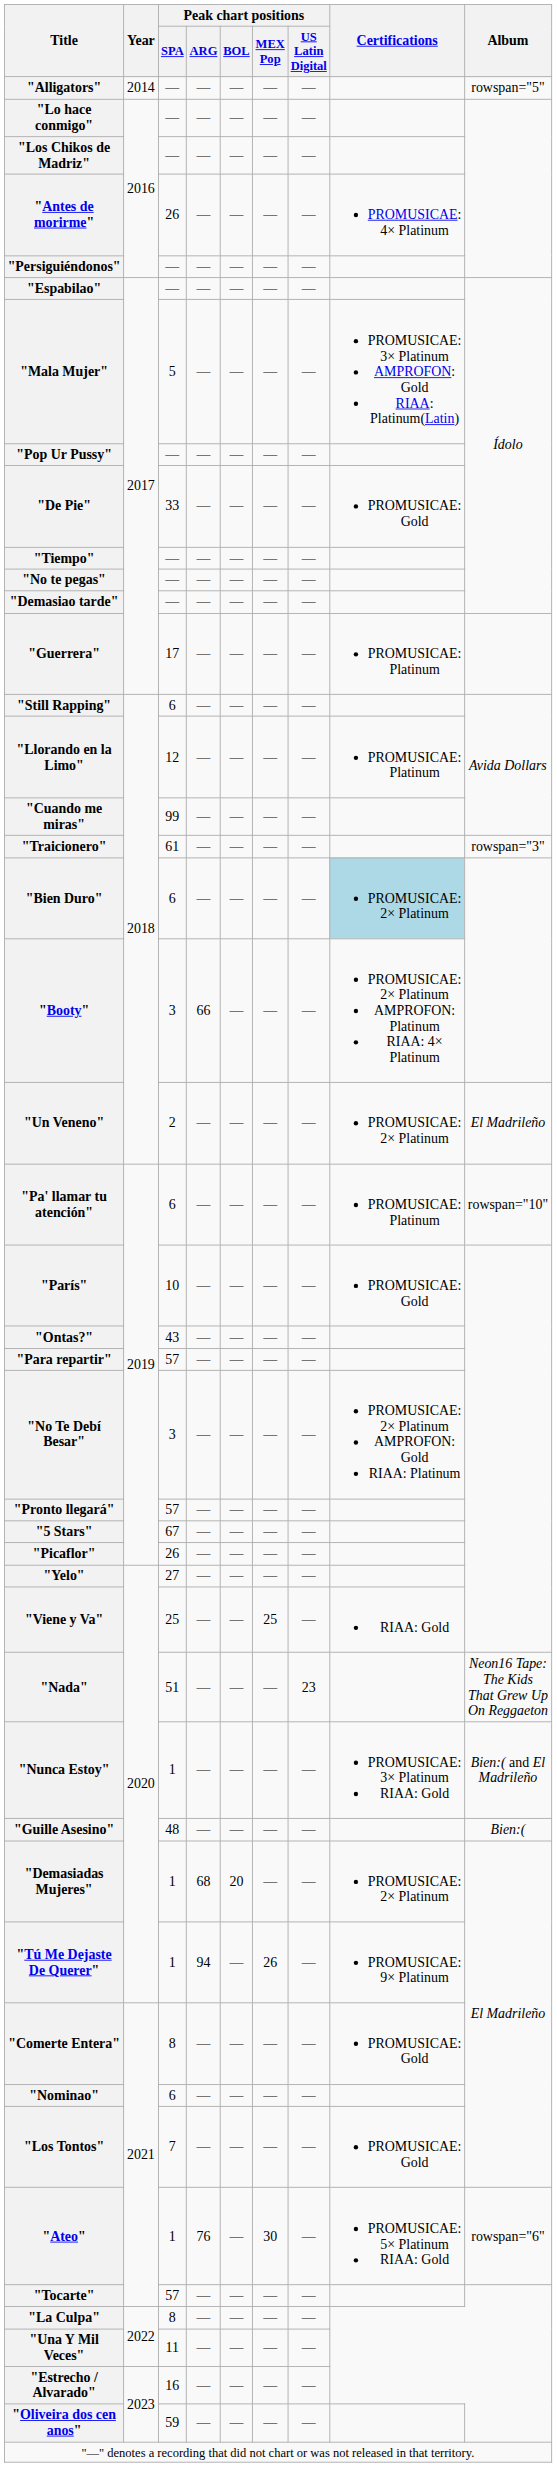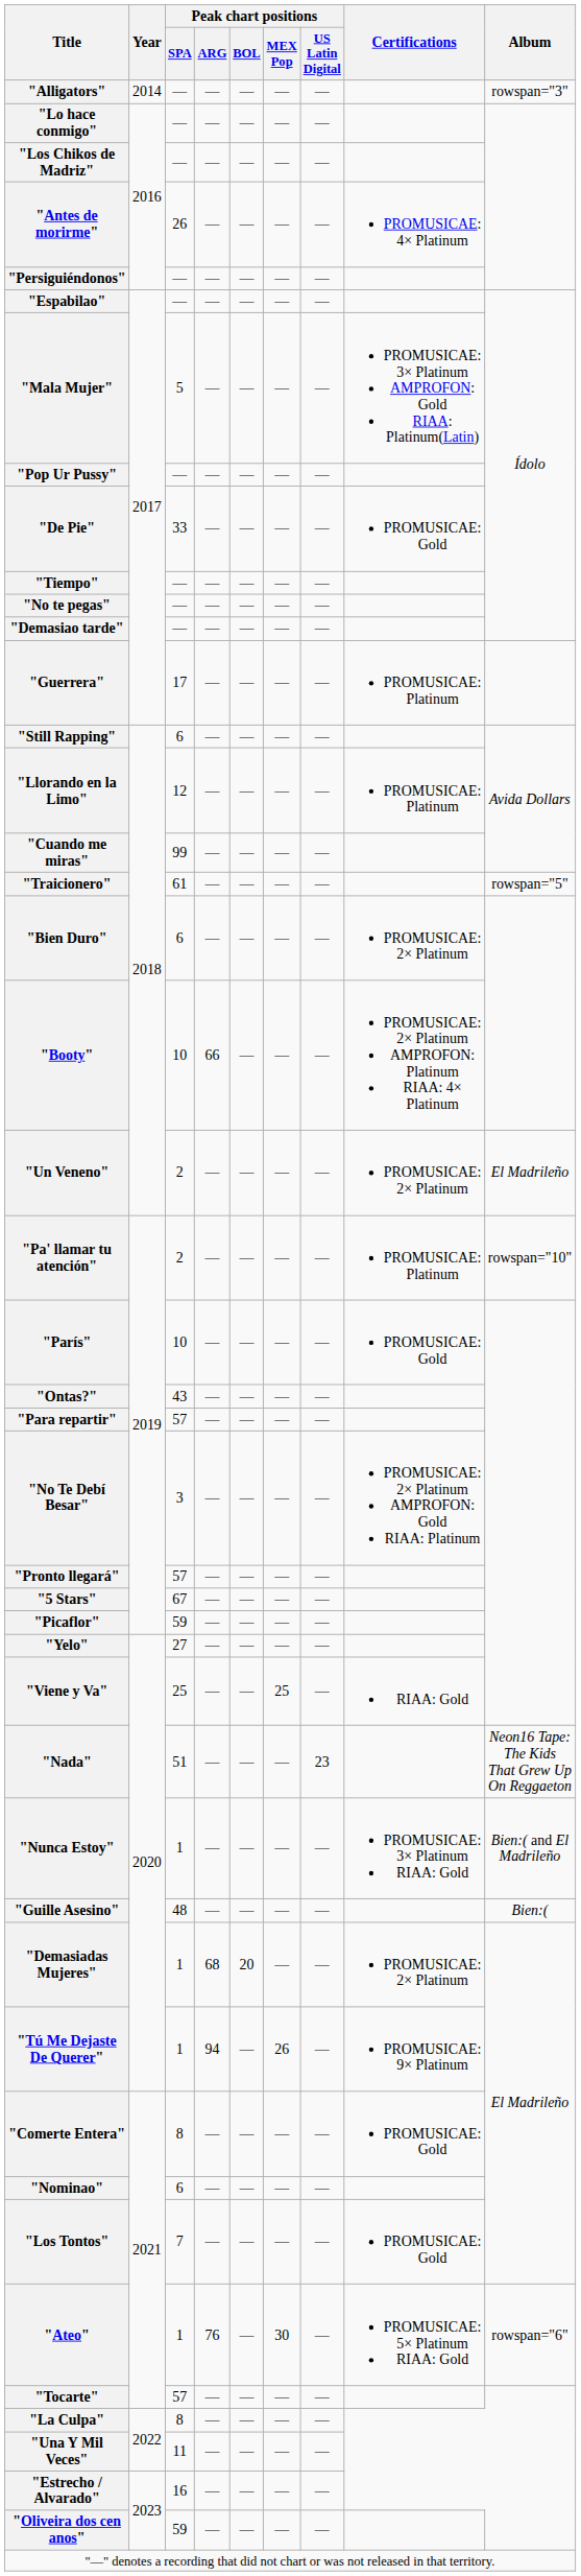 <table class="wikitable plainrowheaders" style="text-align:center;">
 <tr>
 <th scope="col" rowspan="2" style="width:18em;">Title</th>
 <th scope="col" rowspan="2">Year</th>
 <th scope="col" colspan="5">Peak chart positions</th>
 <th scope="col" rowspan="2" style="width:18em;"><a href='#'>Certifications</a></th>
 <th scope="col" rowspan="2">Album</th>
 </tr>
 <tr>
 <th scope="col" style="width:2.8em;font-size:90%;"><a href='#'>SPA</a><br></th>
 <th scope="col" style="width:2.8em;font-size:90%;"><a href='#'>ARG</a><br></th>
 <th scope="col" style="width:2.8em;font-size:90%;"><a href='#'>BOL</a><br></th>
 <th scope="col" style="width:2.8em;font-size:90%;"><a href='#'>MEX<br>Pop</a><br></th>
 <th scope="col" style="width:2.8em;font-size:90%;"><a href='#'>US<br>Latin<br>Digital</a><br></th>
 </tr>
 <tr>
 <th scope="row">"Alligators"</th>
 <td>2014</td>
 <td>—</td>
 <td>—</td>
 <td>—</td>
 <td>—</td>
 <td>—</td>
 <td></td>
-<td>rowspan="5" </td>
+<td>rowspan="3" </td>
 </tr>
 <tr>
 <th scope="row">"Lo hace conmigo"</th>
 <td rowspan="4">2016</td>
 <td>—</td>
 <td>—</td>
 <td>—</td>
 <td>—</td>
 <td>—</td>
 <td></td>
 </tr>
 <tr>
 <th scope="row">"Los Chikos de Madriz"</th>
 <td>—</td>
 <td>—</td>
 <td>—</td>
 <td>—</td>
 <td>—</td>
 <td></td>
 </tr>
 <tr>
 <th scope="row">"<a href='#'>Antes de morirme</a>"<br></th>
 <td>26</td>
 <td>—</td>
 <td>—</td>
 <td>—</td>
 <td>—</td>
 <td><br><ul><li><a href='#'>PROMUSICAE</a>: 4× Platinum</li></ul></td>
 </tr>
 <tr>
 <th scope="row">"Persiguiéndonos"</th>
 <td>—</td>
 <td>—</td>
 <td>—</td>
 <td>—</td>
 <td>—</td>
 <td></td>
 </tr>
 <tr>
 <th scope="row">"Espabilao"</th>
 <td rowspan="8">2017</td>
 <td>—</td>
 <td>—</td>
 <td>—</td>
 <td>—</td>
 <td>—</td>
 <td></td>
 <td rowspan="7"><em>Ídolo</em></td>
 </tr>
 <tr>
 <th scope="row">"Mala Mujer"</th>
 <td>5</td>
 <td>—</td>
 <td>—</td>
 <td>—</td>
 <td>—</td>
 <td><br><ul><li>PROMUSICAE: 3× Platinum</li><li><a href='#'>AMPROFON</a>: Gold</li><li><a href='#'>RIAA</a>: Platinum<span>(<a href='#'>Latin</a>)</span></li></ul></td>
 </tr>
 <tr>
 <th scope="row">"Pop Ur Pussy"</th>
 <td>—</td>
 <td>—</td>
 <td>—</td>
 <td>—</td>
 <td>—</td>
 <td></td>
 </tr>
 <tr>
 <th scope="row">"De Pie"</th>
 <td>33</td>
 <td>—</td>
 <td>—</td>
 <td>—</td>
 <td>—</td>
 <td><br><ul><li>PROMUSICAE: Gold</li></ul></td>
 </tr>
 <tr>
 <th scope="row">"Tiempo"</th>
 <td>—</td>
 <td>—</td>
 <td>—</td>
 <td>—</td>
 <td>—</td>
 <td></td>
 </tr>
 <tr>
 <th scope="row">"No te pegas"<br></th>
 <td>—</td>
 <td>—</td>
 <td>—</td>
 <td>—</td>
 <td>—</td>
 <td></td>
 </tr>
 <tr>
 <th scope="row">"Demasiao tarde"</th>
 <td>—</td>
 <td>—</td>
 <td>—</td>
 <td>—</td>
 <td>—</td>
 <td></td>
 </tr>
 <tr>
 <th scope="row">"Guerrera"<br></th>
 <td>17</td>
 <td>—</td>
 <td>—</td>
 <td>—</td>
 <td>—</td>
 <td><br><ul><li>PROMUSICAE: Platinum</li></ul></td>
 <td></td>
 </tr>
 <tr>
 <th scope="row">"Still Rapping"</th>
 <td rowspan="7">2018</td>
 <td>6</td>
 <td>—</td>
 <td>—</td>
 <td>—</td>
 <td>—</td>
 <td></td>
 <td rowspan="3"><em>Avida Dollars</em></td>
 </tr>
 <tr>
 <th scope="row">"Llorando en la Limo"</th>
 <td>12</td>
 <td>—</td>
 <td>—</td>
 <td>—</td>
 <td>—</td>
 <td><br><ul><li>PROMUSICAE: Platinum</li></ul></td>
 </tr>
 <tr>
 <th scope="row">"Cuando me miras"</th>
 <td>99</td>
 <td>—</td>
 <td>—</td>
 <td>—</td>
 <td>—</td>
 <td></td>
 </tr>
 <tr>
 <th scope="row">"Traicionero"<br></th>
 <td>61</td>
 <td>—</td>
 <td>—</td>
 <td>—</td>
 <td>—</td>
 <td></td>
-<td>rowspan="3" </td>
+<td>rowspan="5" </td>
 </tr>
 <tr>
 <th scope="row">"Bien Duro"</th>
 <td>6</td>
 <td>—</td>
 <td>—</td>
 <td>—</td>
 <td>—</td>
-<td style="background: lightblue;"><br><ul><li>PROMUSICAE: 2× Platinum</li></ul></td>
+<td><br><ul><li>PROMUSICAE: 2× Platinum</li></ul></td>
 </tr>
 <tr>
 <th scope="row">"<a href='#'>Booty</a>"<br></th>
-<td>3</td>
+<td>10</td>
 <td>66</td>
 <td>—</td>
 <td>—</td>
 <td>—</td>
 <td><br><ul><li>PROMUSICAE: 2× Platinum</li><li>AMPROFON: Platinum</li><li>RIAA: 4× Platinum </li></ul></td>
 </tr>
 <tr>
 <th scope="row">"Un Veneno"<br></th>
 <td>2</td>
 <td>—</td>
 <td>—</td>
 <td>—</td>
 <td>—</td>
 <td><br><ul><li>PROMUSICAE: 2× Platinum</li></ul></td>
 <td><em>El Madrileño</em></td>
 </tr>
 <tr>
 <th scope="row">"Pa' llamar tu atención"<br></th>
 <td rowspan="8">2019</td>
-<td>6</td>
+<td>2</td>
 <td>—</td>
 <td>—</td>
 <td>—</td>
 <td>—</td>
 <td><br><ul><li>PROMUSICAE: Platinum</li></ul></td>
 <td>rowspan="10" </td>
 </tr>
 <tr>
 <th scope="row">"París"<br></th>
 <td>10</td>
 <td>—</td>
 <td>—</td>
 <td>—</td>
 <td>—</td>
 <td><br><ul><li>PROMUSICAE: Gold</li></ul></td>
 </tr>
 <tr>
 <th scope="row">"Ontas?"</th>
 <td>43</td>
 <td>—</td>
 <td>—</td>
 <td>—</td>
 <td>—</td>
 <td></td>
 </tr>
 <tr>
 <th scope="row">"Para repartir"<br></th>
 <td>57</td>
 <td>—</td>
 <td>—</td>
 <td>—</td>
 <td>—</td>
 <td></td>
 </tr>
 <tr>
 <th scope="row">"No Te Debí Besar"<br></th>
 <td>3</td>
 <td>—</td>
 <td>—</td>
 <td>—</td>
 <td>—</td>
 <td><br><ul><li>PROMUSICAE: 2× Platinum</li><li>AMPROFON: Gold</li><li>RIAA: Platinum </li></ul></td>
 </tr>
 <tr>
 <th scope="row">"Pronto llegará"<br></th>
 <td>57</td>
 <td>—</td>
 <td>—</td>
 <td>—</td>
 <td>—</td>
 <td></td>
 </tr>
 <tr>
 <th scope="row">"5 Stars"<br></th>
 <td>67</td>
 <td>—</td>
 <td>—</td>
 <td>—</td>
 <td>—</td>
 <td></td>
 </tr>
 <tr>
 <th scope="row">"Picaflor"<br></th>
-<td>26</td>
+<td>59</td>
 <td>—</td>
 <td>—</td>
 <td>—</td>
 <td>—</td>
 <td></td>
 </tr>
 <tr>
 <th scope="row">"Yelo"<br></th>
 <td rowspan="7">2020</td>
 <td>27</td>
 <td>—</td>
 <td>—</td>
 <td>—</td>
 <td>—</td>
 <td></td>
 </tr>
 <tr>
 <th scope="row">"Viene y Va"<br></th>
 <td>25</td>
 <td>—</td>
 <td>—</td>
 <td>25</td>
 <td>—</td>
 <td><br><ul><li>RIAA: Gold </li></ul></td>
 </tr>
 <tr>
 <th scope="row">"Nada"<br></th>
 <td>51</td>
 <td>—</td>
 <td>—</td>
 <td>—</td>
 <td>23</td>
 <td></td>
 <td><em>Neon16 Tape: The Kids</em><br><em>That Grew Up On Reggaeton</em></td>
 </tr>
 <tr>
 <th scope="row">"Nunca Estoy"</th>
 <td>1</td>
 <td>—</td>
 <td>—</td>
 <td>—</td>
 <td>—</td>
 <td><br><ul><li>PROMUSICAE: 3× Platinum</li><li>RIAA: Gold </li></ul></td>
 <td><em>Bien:(</em> and <em>El Madrileño</em></td>
 </tr>
 <tr>
 <th scope="row">"Guille Asesino"</th>
 <td>48</td>
 <td>—</td>
 <td>—</td>
 <td>—</td>
 <td>—</td>
 <td></td>
 <td><em>Bien:(</em></td>
 </tr>
 <tr>
 <th scope="row">"Demasiadas Mujeres"</th>
 <td>1</td>
 <td>68</td>
 <td>20<br></td>
 <td>—</td>
 <td>—</td>
 <td><br><ul><li>PROMUSICAE: 2× Platinum</li></ul></td>
 <td rowspan="5"><em>El Madrileño</em></td>
 </tr>
 <tr>
 <th scope="row">"<a href='#'>Tú Me Dejaste De Querer</a>"<br></th>
 <td>1</td>
 <td>94</td>
 <td>—</td>
 <td>26</td>
 <td>—</td>
 <td><br><ul><li>PROMUSICAE: 9× Platinum</li></ul></td>
 </tr>
 <tr>
 <th scope="row">"Comerte Entera"<br></th>
 <td rowspan="5">2021</td>
 <td>8</td>
 <td>—</td>
 <td>—</td>
 <td>—</td>
 <td>—</td>
 <td><br><ul><li>PROMUSICAE: Gold</li></ul></td>
 </tr>
 <tr>
 <th scope="row">"Nominao"<br></th>
 <td>6</td>
 <td>—</td>
 <td>—</td>
 <td>—</td>
 <td>—</td>
 <td></td>
 </tr>
 <tr>
 <th scope="row">"Los Tontos"<br></th>
 <td>7</td>
 <td>—</td>
 <td>—</td>
 <td>—</td>
 <td>—</td>
 <td><br><ul><li>PROMUSICAE: Gold</li></ul></td>
 </tr>
 <tr>
 <th scope="row">"<a href='#'>Ateo</a>"<br></th>
 <td>1</td>
 <td>76</td>
 <td>—</td>
 <td>30</td>
 <td>—</td>
 <td><br><ul><li>PROMUSICAE: 5× Platinum</li><li>RIAA: Gold </li></ul></td>
 <td>rowspan="6" </td>
 </tr>
 <tr>
 <th scope="row">"Tocarte"<br></th>
 <td>57</td>
 <td>—</td>
 <td>—</td>
 <td>—</td>
 <td>—</td>
 <td></td>
 </tr>
 <tr>
 <th scope="row">"La Culpa"<br></th>
 <td rowspan=2>2022</td>
 <td>8</td>
 <td>—</td>
 <td>—</td>
 <td>—</td>
 <td>—</td>
 </tr>
 <tr>
 <th scope="row">"Una Y Mil Veces"<br></th>
 <td>11</td>
 <td>—</td>
 <td>—</td>
 <td>—</td>
 <td>—</td>
 </tr>
 <tr>
 <th scope="row">"Estrecho / Alvarado"<br></th>
 <td rowspan=2>2023</td>
 <td>16</td>
 <td>—</td>
 <td>—</td>
 <td>—</td>
 <td>—</td>
 </tr>
 <tr>
 <th scope="row">"<a href='#'>Oliveira dos cen anos</a>"</th>
 <td>59</td>
 <td>—</td>
 <td>—</td>
 <td>—</td>
 <td>—</td>
 <td></td>
 </tr>
 <tr>
 <td colspan="14" style="font-size:90%">"—" denotes a recording that did not chart or was not released in that territory.</td>
 </tr>
 </table>
